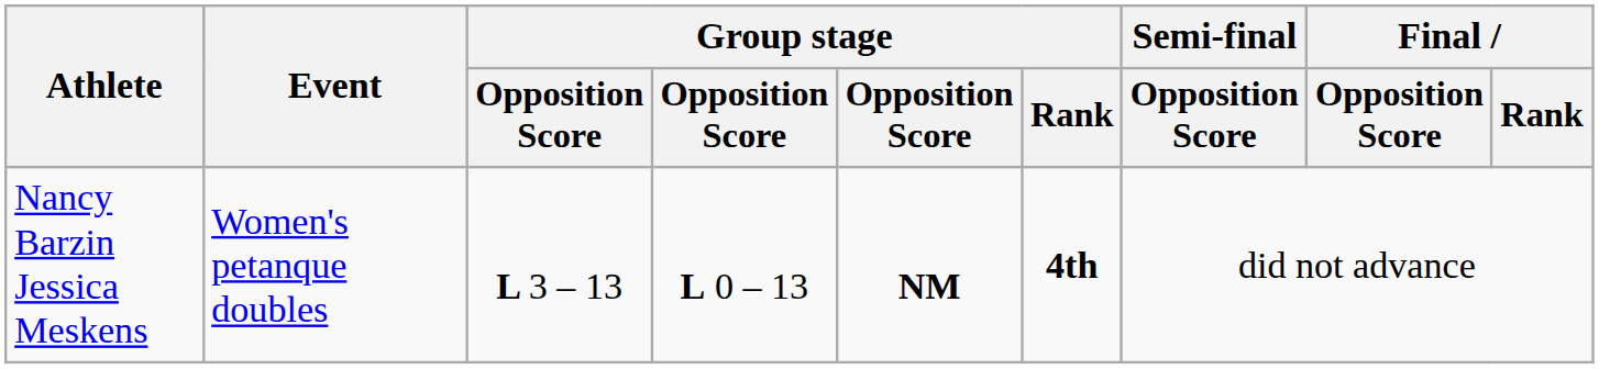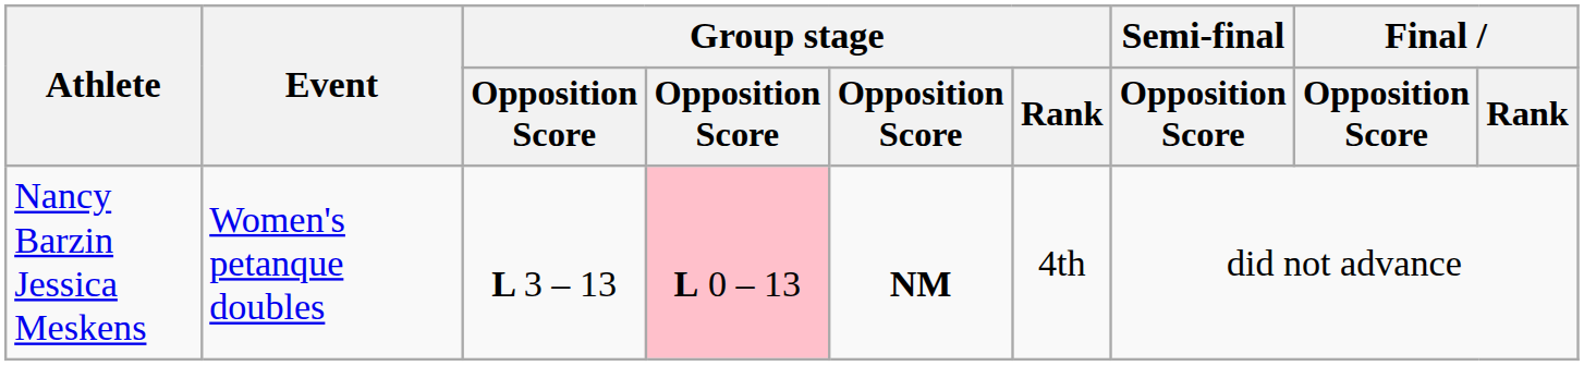 <table class="wikitable" style="font-size:90%">
 <tr>
 <th rowspan=2>Athlete</th>
 <th rowspan=2>Event</th>
 <th colspan=4>Group stage</th>
 <th>Semi-final</th>
 <th colspan=2>Final / </th>
 </tr>
 <tr style="font-size:95%">
 <th>Opposition<br>Score</th>
 <th>Opposition<br>Score</th>
 <th>Opposition<br>Score</th>
 <th>Rank</th>
 <th>Opposition<br>Score</th>
 <th>Opposition<br>Score</th>
 <th>Rank</th>
 </tr>
 <tr align=center>
 <td align=left><a href='#'>Nancy Barzin</a><br><a href='#'>Jessica Meskens</a></td>
 <td align=left><a href='#'>Women's petanque doubles</a></td>
 <td><br> <strong>L </strong> 3 – 13</td>
-<td><br> <strong>L</strong> 0 – 13</td>
+<td style="background: pink;"><br> <strong>L</strong> 0 – 13</td>
 <td><br> <strong>NM</strong></td>
-<td><strong>4th</strong></td>
+<td>4th</td>
 <td align=center colspan=3>did not advance</td>
 </tr>
 </table>
